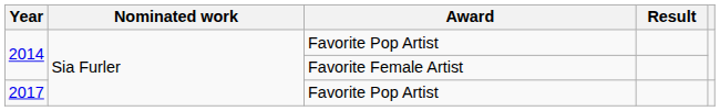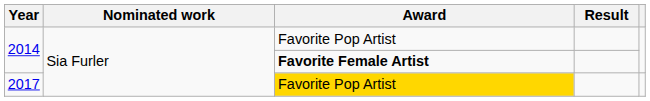 <table class="wikitable">
 <tr>
 <th>Year</th>
 <th style="width:250px;">Nominated work</th>
 <th style="width:325px;">Award</th>
 <th width="65">Result</th>
 <th></th>
 </tr>
 <tr>
 <td rowspan="2"><a href='#'>2014</a></td>
 <td rowspan=3>Sia Furler</td>
 <td>Favorite Pop Artist</td>
 <td></td>
 <td rowspan="2" style="text-align:center;"></td>
 </tr>
 <tr>
-<td>Favorite Female Artist</td>
+<td><strong>Favorite Female Artist</strong></td>
 <td></td>
 </tr>
 <tr>
 <td><a href='#'>2017</a></td>
-<td>Favorite Pop Artist</td>
+<td style="background: gold;">Favorite Pop Artist</td>
 <td></td>
 <td></td>
 </tr>
 </table>
